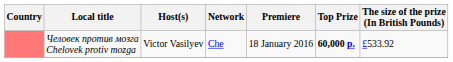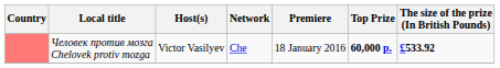 <table class="wikitable">
 <tr>
 <th>Country</th>
 <th>Local title</th>
 <th>Host(s)</th>
 <th>Network</th>
 <th>Premiere</th>
 <th>Top Prize</th>
 <th>The size of the prize<br>(In British Pounds)</th>
 </tr>
 <tr>
 <td style="background-color: #FF7777"></td>
 <td><em>Человек против мозга</em><br><em>Chelovek protiv mozga</em></td>
 <td>Victor Vasilyev</td>
 <td><a href='#'>Che</a></td>
 <td>18 January 2016</td>
 <td><strong>60,000 <a href='#'>р.</a></strong></td>
-<td><a href='#'>£</a>533.92</td>
+<td><strong><a href='#'>£</a>533.92</strong></td>
 </tr>
 <tr>
 </tr>
 </table>
